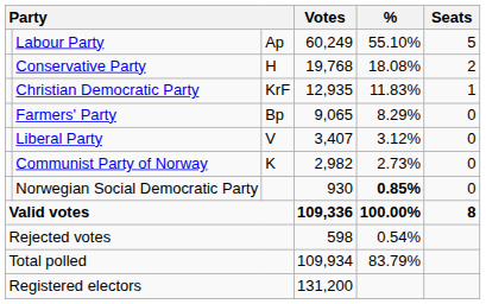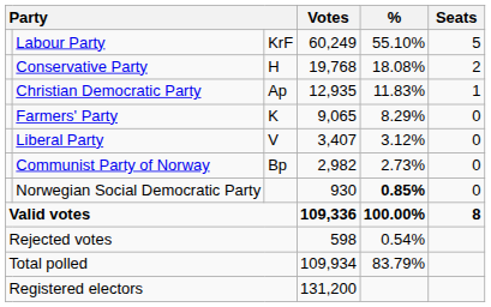 <table class="wikitable" border="1" style="text-align:right;">
 <tr>
 <th style="text-align:left;" colspan=3>Party</th>
 <th align=center width="50">Votes</th>
 <th align=center width="50">%</th>
 <th align=center width="50">Seats</th>
 </tr>
 <tr>
 <td style="color:inherit;background:"></td>
 <td align=left><a href='#'>Labour Party</a></td>
-<td align=left>Ap</td>
+<td align=left>KrF</td>
 <td>60,249</td>
 <td>55.10%</td>
 <td>5</td>
 </tr>
 <tr>
 <td style="color:inherit;background:"></td>
 <td align=left><a href='#'>Conservative Party</a></td>
 <td align=left>H</td>
 <td>19,768</td>
 <td>18.08%</td>
 <td>2</td>
 </tr>
 <tr>
 <td style="color:inherit;background:"></td>
 <td align=left><a href='#'>Christian Democratic Party</a></td>
-<td align=left>KrF</td>
+<td align=left>Ap</td>
 <td>12,935</td>
 <td>11.83%</td>
 <td>1</td>
 </tr>
 <tr>
 <td style="color:inherit;background:"></td>
 <td align=left><a href='#'>Farmers' Party</a></td>
-<td align=left>Bp</td>
+<td align=left>K</td>
 <td>9,065</td>
 <td>8.29%</td>
 <td>0</td>
 </tr>
 <tr>
 <td style="color:inherit;background:"></td>
 <td align=left><a href='#'>Liberal Party</a></td>
 <td align=left>V</td>
 <td>3,407</td>
 <td>3.12%</td>
 <td>0</td>
 </tr>
 <tr>
 <td style="color:inherit;background:"></td>
 <td align=left><a href='#'>Communist Party of Norway</a></td>
-<td align=left>K</td>
+<td align=left>Bp</td>
 <td>2,982</td>
 <td>2.73%</td>
 <td>0</td>
 </tr>
 <tr>
 <td></td>
 <td align=left>Norwegian Social Democratic Party</td>
 <td align=left></td>
 <td>930</td>
 <td><strong>0.85%</strong></td>
 <td>0</td>
 </tr>
 <tr style="font-weight:bold">
 <td align=left colspan=3>Valid votes</td>
 <td>109,336</td>
 <td>100.00%</td>
 <td>8</td>
 </tr>
 <tr>
 <td align=left colspan=3>Rejected votes</td>
 <td>598</td>
 <td>0.54%</td>
 <td></td>
 </tr>
 <tr>
 <td align=left colspan=3>Total polled</td>
 <td>109,934</td>
 <td>83.79%</td>
 <td></td>
 </tr>
 <tr>
 <td align=left colspan=3>Registered electors</td>
 <td>131,200</td>
 <td></td>
 <td></td>
 </tr>
 </table>
